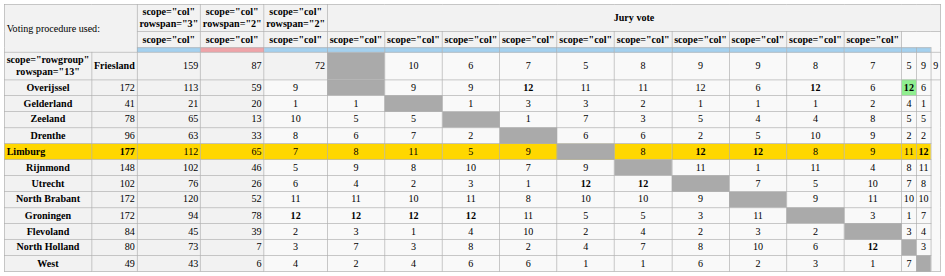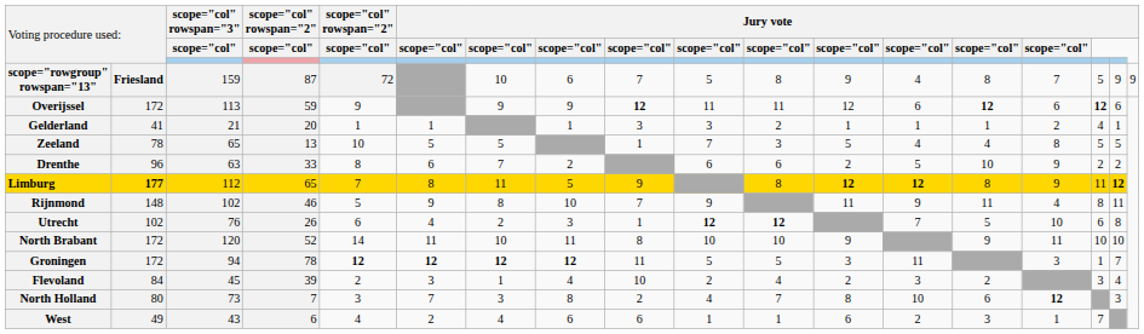 <table class="wikitable plainrowheaders" style="text-align: center;">
 <tr>
 <td colspan="2" rowspan="3" style="text-align: left; background: #F2F2F2;">Voting procedure used:<br></td>
 <th>scope="col" rowspan="3" </th>
 <th>scope="col" rowspan="2" </th>
 <th>scope="col" rowspan="2" </th>
 <th scope="colgroup" colspan="13">Jury vote</th>
 </tr>
 <tr>
 <th>scope="col" </th>
 <th>scope="col" </th>
 <th>scope="col" </th>
 <th>scope="col" </th>
 <th>scope="col" </th>
 <th>scope="col" </th>
 <th>scope="col" </th>
 <th>scope="col" </th>
 <th>scope="col" </th>
 <th>scope="col" </th>
 <th>scope="col" </th>
 <th>scope="col" </th>
 <th>scope="col" </th>
 </tr>
 <tr>
 <td style="background: #A4D1EF;"></td>
 <td style="background: #EFA4A9;"></td>
 <td style="background: #A4D1EF;"></td>
 <td style="background: #A4D1EF;"></td>
 <td style="background: #A4D1EF;"></td>
 <td style="background: #A4D1EF;"></td>
 <td style="background: #A4D1EF;"></td>
 <td style="background: #A4D1EF;"></td>
 <td style="background: #A4D1EF;"></td>
 <td style="background: #A4D1EF;"></td>
 <td style="background: #A4D1EF;"></td>
 <td style="background: #A4D1EF;"></td>
 <td style="background: #A4D1EF;"></td>
 <td style="background: #A4D1EF;"></td>
 <td style="background: #A4D1EF;"></td>
 </tr>
 <tr>
 <th>scope="rowgroup" rowspan="13" </th>
 <th scope="row" style="background: #f2f2f2;">Friesland</th>
 <td style="text-align: right; background: #f2f2f2;">159</td>
 <td style="text-align: right; background: #f2f2f2;">87</td>
 <td style="text-align: right; background: #f2f2f2;">72</td>
 <td style="background: #aaa;"></td>
 <td>10</td>
 <td>6</td>
 <td>7</td>
 <td>5</td>
 <td>8</td>
 <td>9</td>
-<td>9</td>
+<td>4</td>
 <td>8</td>
 <td>7</td>
 <td>5</td>
 <td>9</td>
 <td>9</td>
 </tr>
 <tr>
 <th scope="row" style="background: #f2f2f2;">Overijssel</th>
 <td style="text-align: right; background: #f2f2f2;">172</td>
 <td style="text-align: right; background: #f2f2f2;">113</td>
 <td style="text-align: right; background: #f2f2f2;">59</td>
 <td>9</td>
 <td style="background: #aaa;"></td>
 <td>9</td>
 <td>9</td>
 <td><strong>12</strong></td>
 <td>11</td>
 <td>11</td>
 <td>12</td>
 <td>6</td>
 <td><strong>12</strong></td>
 <td>6</td>
-<td style="background: lightgreen;"><strong>12</strong></td>
+<td><strong>12</strong></td>
 <td>6</td>
 </tr>
 <tr>
 <th scope="row" style="background: #f2f2f2;">Gelderland</th>
 <td style="text-align: right; background: #f2f2f2;">41</td>
 <td style="text-align: right; background: #f2f2f2;">21</td>
 <td style="text-align: right; background: #f2f2f2;">20</td>
 <td>1</td>
 <td>1</td>
 <td style="background: #aaa;"></td>
 <td>1</td>
 <td>3</td>
 <td>3</td>
 <td>2</td>
 <td>1</td>
 <td>1</td>
 <td>1</td>
 <td>2</td>
 <td>4</td>
 <td>1</td>
 </tr>
 <tr>
 <th scope="row" style="background: #f2f2f2;">Zeeland</th>
 <td style="text-align: right; background: #f2f2f2;">78</td>
 <td style="text-align: right; background: #f2f2f2;">65</td>
 <td style="text-align: right; background: #f2f2f2;">13</td>
 <td>10</td>
 <td>5</td>
 <td>5</td>
 <td style="background: #aaa;"></td>
 <td>1</td>
 <td>7</td>
 <td>3</td>
 <td>5</td>
 <td>4</td>
 <td>4</td>
 <td>8</td>
 <td>5</td>
 <td>5</td>
 </tr>
 <tr>
 <th scope="row" style="background: #f2f2f2;">Drenthe</th>
 <td style="text-align: right; background: #f2f2f2;">96</td>
 <td style="text-align: right; background: #f2f2f2;">63</td>
 <td style="text-align: right; background: #f2f2f2;">33</td>
 <td>8</td>
 <td>6</td>
 <td>7</td>
 <td>2</td>
 <td style="background: #aaa;"></td>
 <td>6</td>
 <td>6</td>
 <td>2</td>
 <td>5</td>
 <td>10</td>
 <td>9</td>
 <td>2</td>
 <td>2</td>
 </tr>
 <tr style="background: gold;">
 <th scope="row" style="text-align: left; font-weight: bold; background: gold;">Limburg</th>
 <td style="text-align: right; font-weight: bold;">177</td>
 <td style="text-align: right;">112</td>
 <td style="text-align: right;">65</td>
 <td>7</td>
 <td>8</td>
 <td>11</td>
 <td>5</td>
 <td>9</td>
 <td style="background: #aaa;"></td>
 <td>8</td>
 <td><strong>12</strong></td>
 <td><strong>12</strong></td>
 <td>8</td>
 <td>9</td>
 <td>11</td>
 <td><strong>12</strong></td>
 </tr>
 <tr>
 <th scope="row" style="background: #f2f2f2;">Rijnmond</th>
 <td style="text-align: right; background: #f2f2f2;">148</td>
 <td style="text-align: right; background: #f2f2f2;">102</td>
 <td style="text-align: right; background: #f2f2f2;">46</td>
 <td>5</td>
 <td>9</td>
 <td>8</td>
 <td>10</td>
 <td>7</td>
 <td>9</td>
 <td style="background: #aaa;"></td>
 <td>11</td>
-<td>1</td>
+<td>9</td>
 <td>11</td>
 <td>4</td>
 <td>8</td>
 <td>11</td>
 </tr>
 <tr>
 <th scope="row" style="background: #f2f2f2;">Utrecht</th>
 <td style="text-align: right; background: #f2f2f2;">102</td>
 <td style="text-align: right; background: #f2f2f2;">76</td>
 <td style="text-align: right; background: #f2f2f2;">26</td>
 <td>6</td>
 <td>4</td>
 <td>2</td>
 <td>3</td>
 <td>1</td>
 <td><strong>12</strong></td>
 <td><strong>12</strong></td>
 <td style="background: #aaa;"></td>
 <td>7</td>
 <td>5</td>
 <td>10</td>
-<td>7</td>
+<td>6</td>
 <td>8</td>
 </tr>
 <tr>
 <th scope="row" style="background: #f2f2f2;">North Brabant</th>
 <td style="text-align: right; background: #f2f2f2;">172</td>
 <td style="text-align: right; background: #f2f2f2;">120</td>
 <td style="text-align: right; background: #f2f2f2;">52</td>
-<td>11</td>
+<td>14</td>
 <td>11</td>
 <td>10</td>
 <td>11</td>
 <td>8</td>
 <td>10</td>
 <td>10</td>
 <td>9</td>
 <td style="background: #aaa;"></td>
 <td>9</td>
 <td>11</td>
 <td>10</td>
 <td>10</td>
 </tr>
 <tr>
 <th scope="row" style="background: #f2f2f2;">Groningen</th>
 <td style="text-align: right; background: #f2f2f2;">172</td>
 <td style="text-align: right; background: #f2f2f2;">94</td>
 <td style="text-align: right; background: #f2f2f2;">78</td>
 <td><strong>12</strong></td>
 <td><strong>12</strong></td>
 <td><strong>12</strong></td>
 <td><strong>12</strong></td>
 <td>11</td>
 <td>5</td>
 <td>5</td>
 <td>3</td>
 <td>11</td>
 <td style="background: #aaa;"></td>
 <td>3</td>
 <td>1</td>
 <td>7</td>
 </tr>
 <tr>
 <th scope="row" style="background: #f2f2f2;">Flevoland</th>
 <td style="text-align: right; background: #f2f2f2;">84</td>
 <td style="text-align: right; background: #f2f2f2;">45</td>
 <td style="text-align: right; background: #f2f2f2;">39</td>
 <td>2</td>
 <td>3</td>
 <td>1</td>
 <td>4</td>
 <td>10</td>
 <td>2</td>
 <td>4</td>
 <td>2</td>
 <td>3</td>
 <td>2</td>
 <td style="background: #aaa;"></td>
 <td>3</td>
 <td>4</td>
 </tr>
 <tr>
 <th scope="row" style="background: #f2f2f2;">North Holland</th>
 <td style="text-align: right; background: #f2f2f2;">80</td>
 <td style="text-align: right; background: #f2f2f2;">73</td>
 <td style="text-align: right; background: #f2f2f2;">7</td>
 <td>3</td>
 <td>7</td>
 <td>3</td>
 <td>8</td>
 <td>2</td>
 <td>4</td>
 <td>7</td>
 <td>8</td>
 <td>10</td>
 <td>6</td>
 <td><strong>12</strong></td>
 <td style="background: #aaa;"></td>
 <td>3</td>
 </tr>
 <tr>
 <th scope="row" style="background: #f2f2f2;">West</th>
 <td style="text-align: right; background: #f2f2f2;">49</td>
 <td style="text-align: right; background: #f2f2f2;">43</td>
 <td style="text-align: right; background: #f2f2f2;">6</td>
 <td>4</td>
 <td>2</td>
 <td>4</td>
 <td>6</td>
 <td>6</td>
 <td>1</td>
 <td>1</td>
 <td>6</td>
 <td>2</td>
 <td>3</td>
 <td>1</td>
 <td>7</td>
 <td style="background: #aaa;"></td>
 </tr>
 </table>
